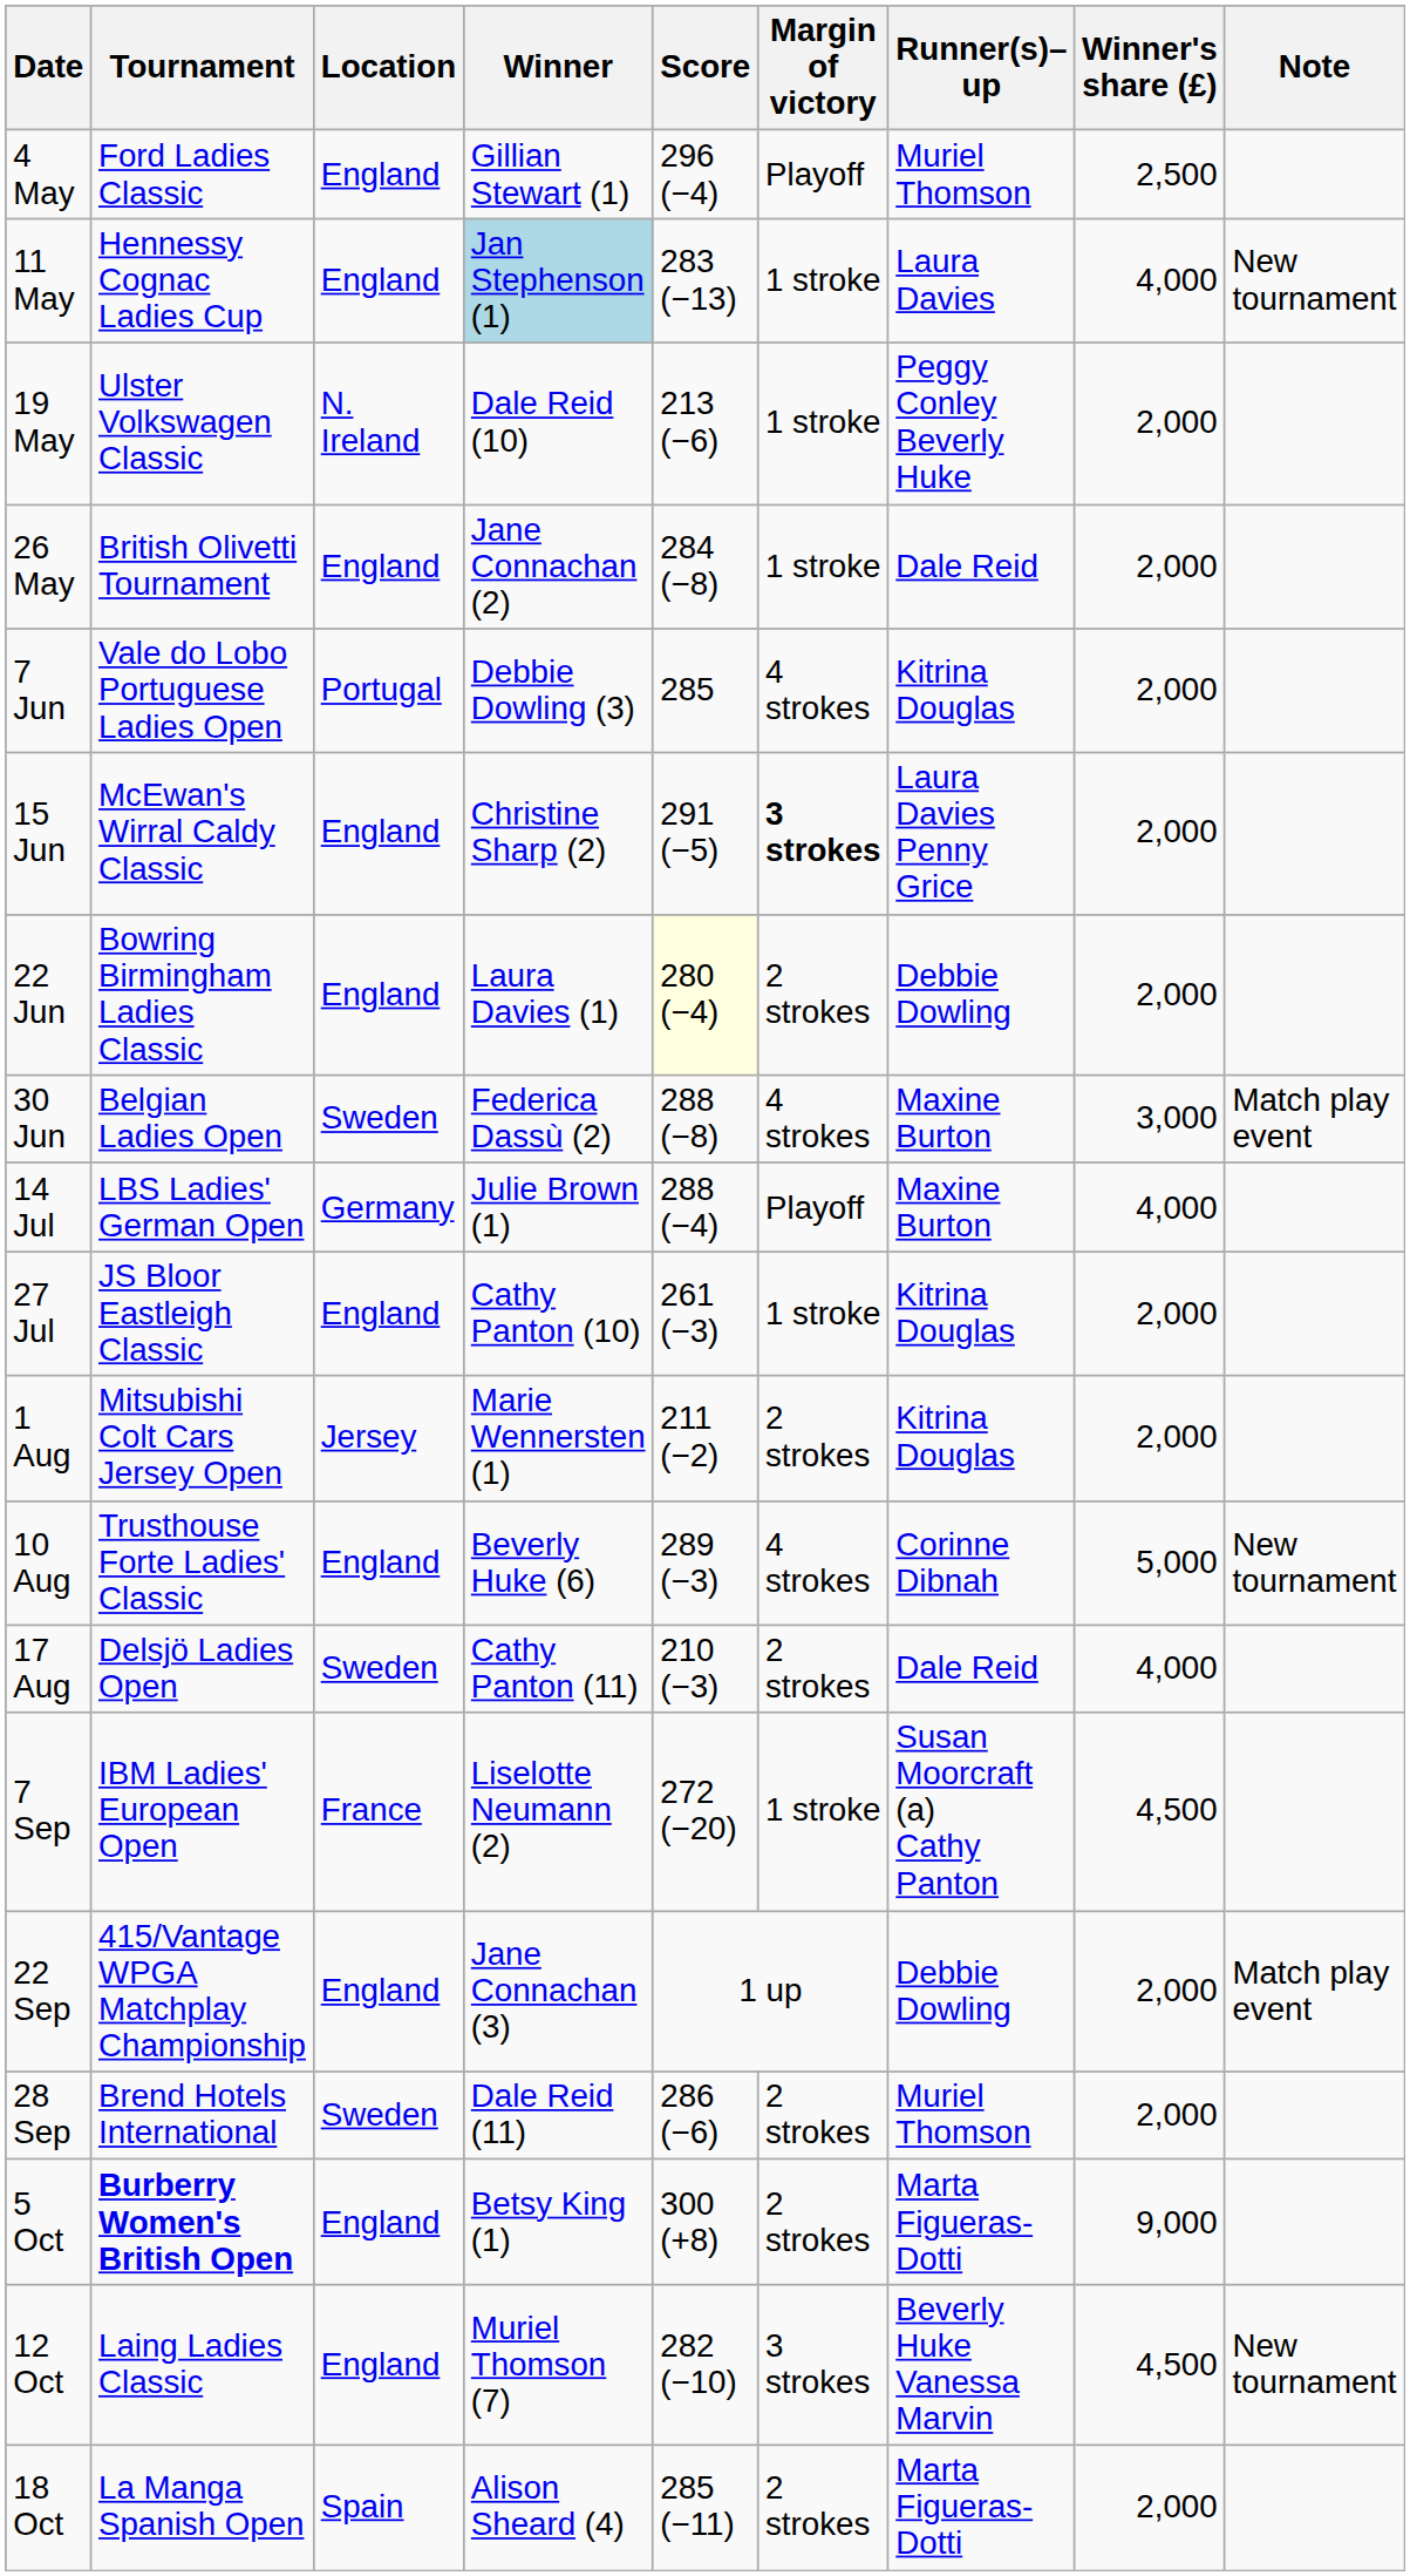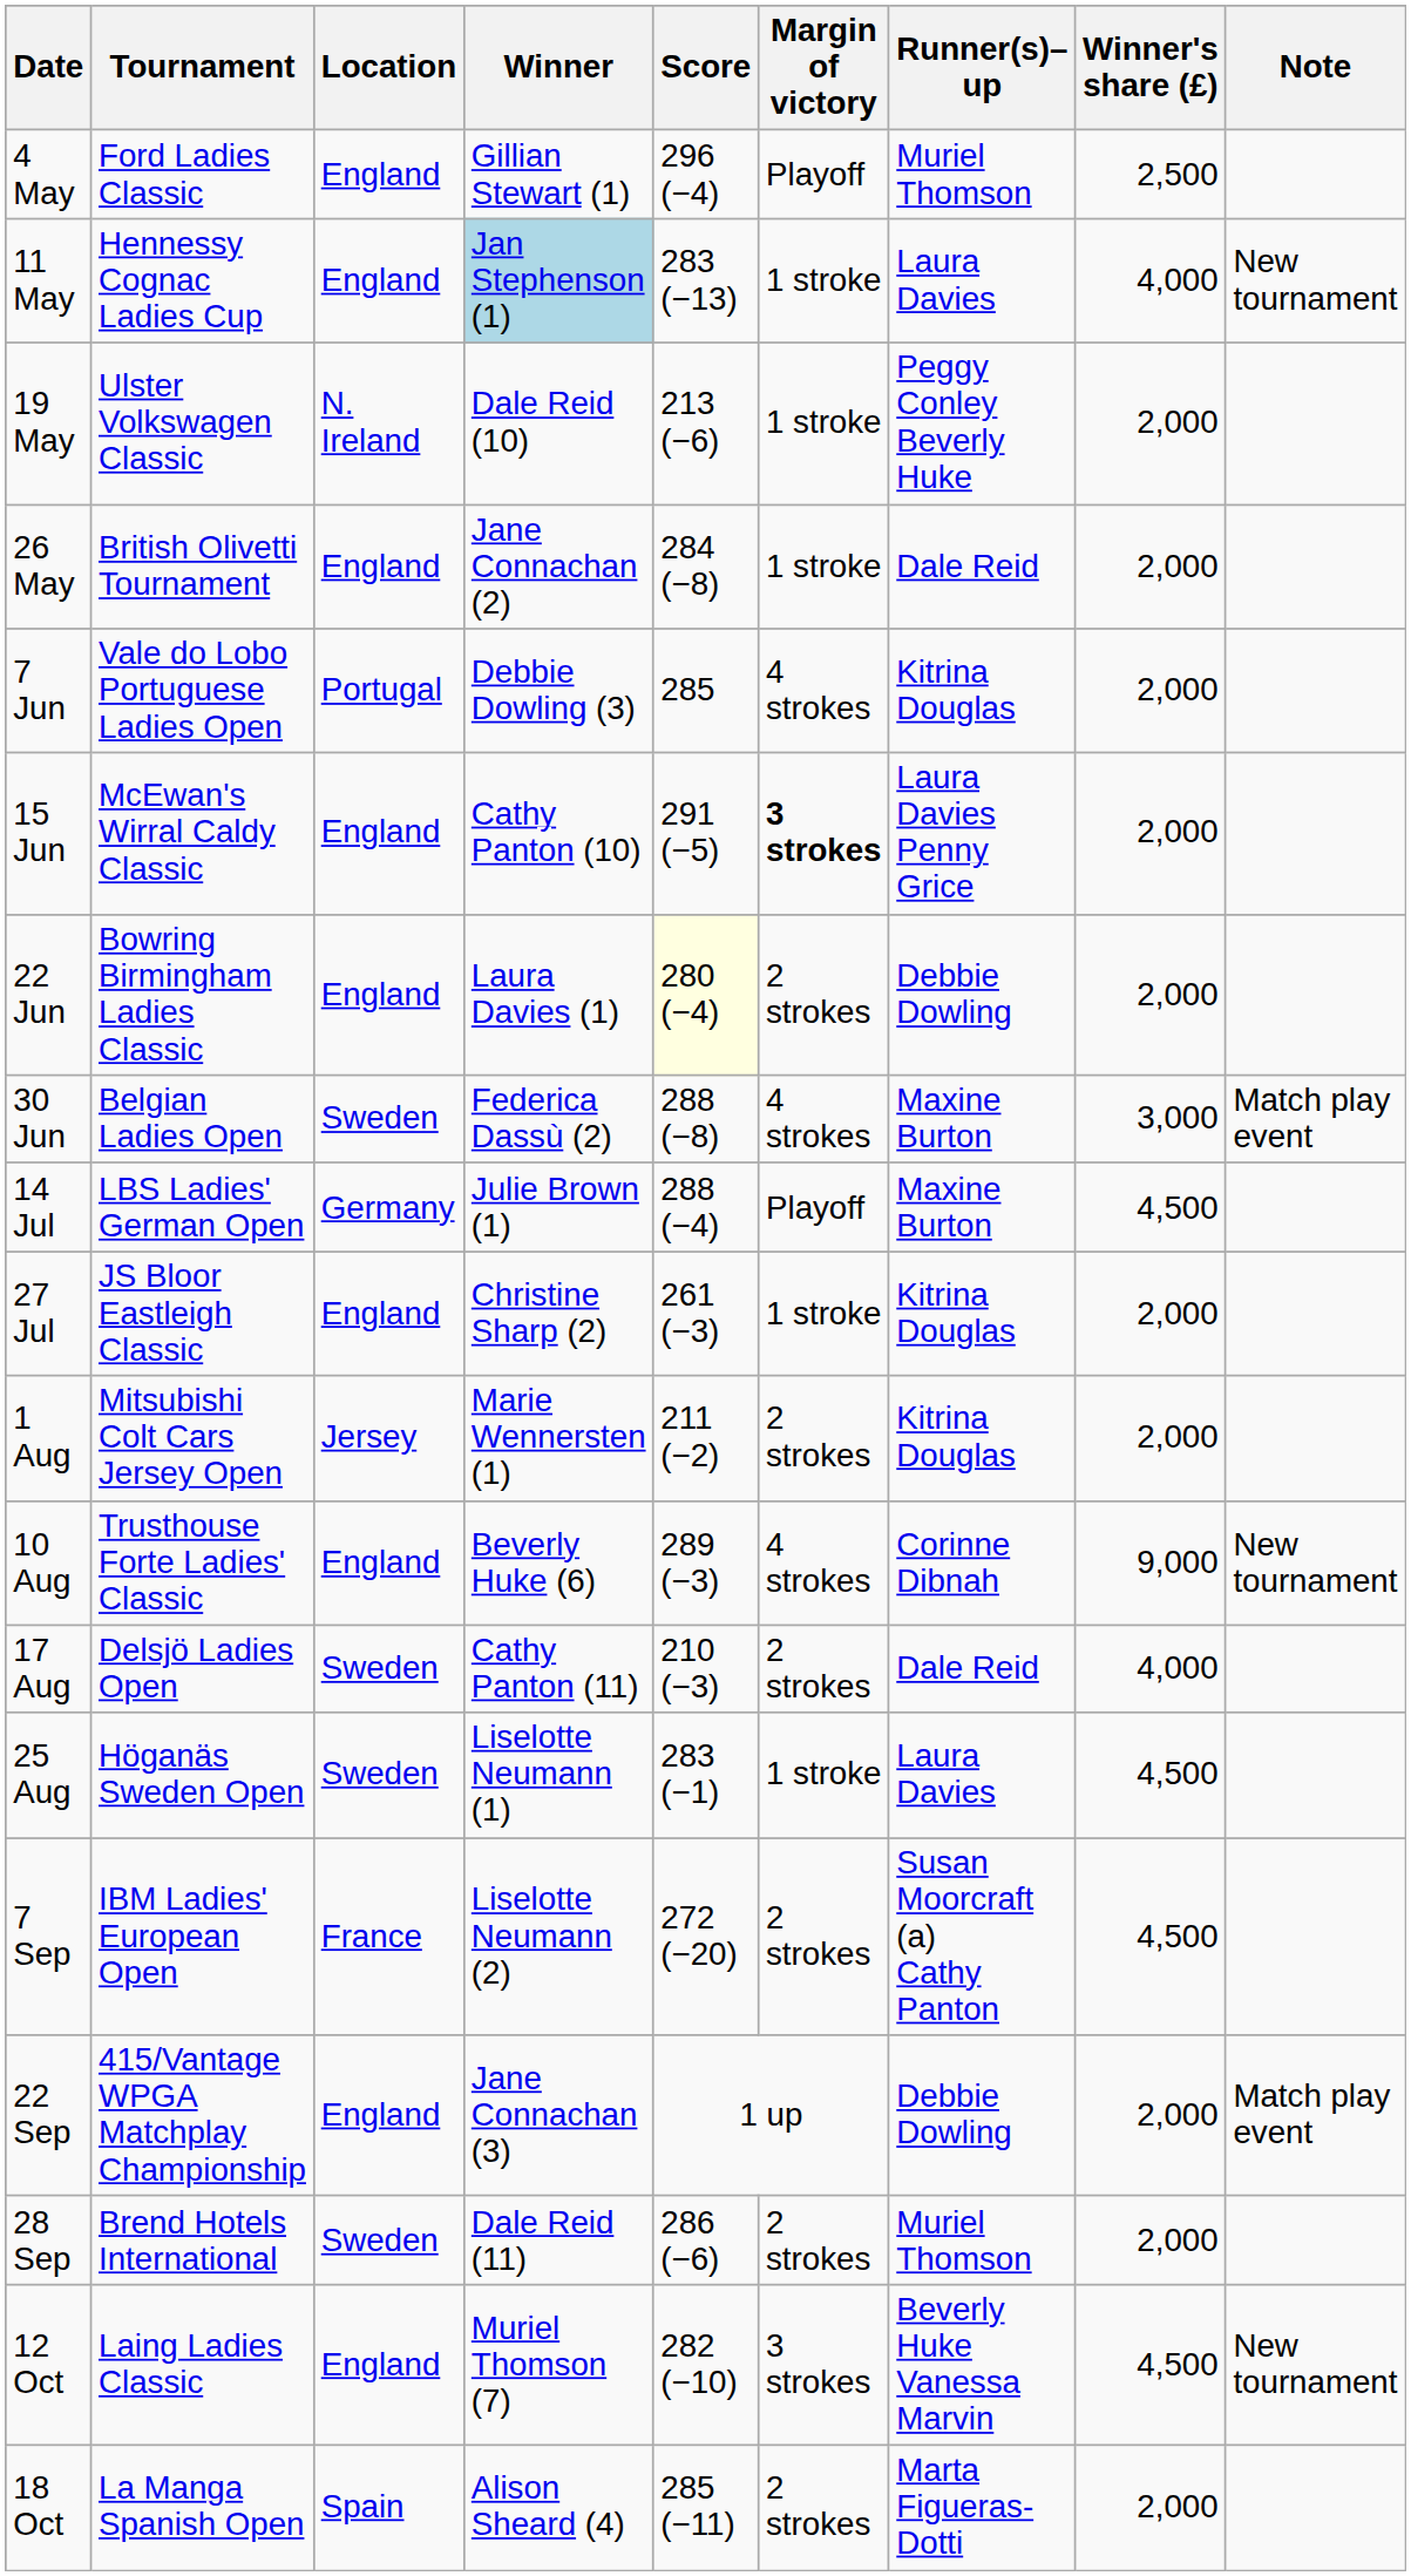 <table class="wikitable sortable" style="font–size:95%">
 <tr>
 <th>Date</th>
 <th>Tournament</th>
 <th>Location</th>
 <th>Winner</th>
 <th>Score</th>
 <th>Margin of<br>victory</th>
 <th>Runner(s)–up</th>
 <th>Winner's<br>share (£)</th>
 <th>Note</th>
 </tr>
 <tr>
 <td>4 May</td>
 <td><a href='#'>Ford Ladies Classic</a></td>
 <td><a href='#'>England</a></td>
 <td> <a href='#'>Gillian Stewart</a> (1)</td>
 <td>296 (−4)</td>
 <td>Playoff</td>
 <td> <a href='#'>Muriel Thomson</a></td>
 <td align=right>2,500</td>
 <td></td>
 </tr>
 <tr>
 <td>11 May</td>
 <td><a href='#'>Hennessy Cognac Ladies Cup</a></td>
 <td><a href='#'>England</a></td>
 <td style="background: lightblue;"> <a href='#'>Jan Stephenson</a> (1)</td>
 <td>283 (−13)</td>
 <td>1 stroke</td>
 <td> <a href='#'>Laura Davies</a></td>
 <td align=right>4,000</td>
 <td>New tournament </td>
 </tr>
 <tr>
 <td>19 May</td>
 <td><a href='#'>Ulster Volkswagen Classic</a></td>
 <td><a href='#'>N. Ireland</a></td>
 <td> <a href='#'>Dale Reid</a> (10)</td>
 <td>213 (−6)</td>
 <td>1 stroke</td>
 <td> <a href='#'>Peggy Conley</a><br> <a href='#'>Beverly Huke</a></td>
 <td align=right>2,000</td>
 <td></td>
 </tr>
 <tr>
 <td>26 May</td>
 <td><a href='#'>British Olivetti Tournament</a></td>
 <td><a href='#'>England</a></td>
 <td> <a href='#'>Jane Connachan</a> (2)</td>
 <td>284 (−8)</td>
 <td>1 stroke</td>
 <td> <a href='#'>Dale Reid</a></td>
 <td align=right>2,000</td>
 <td></td>
 </tr>
 <tr>
 <td>7 Jun</td>
 <td><a href='#'>Vale do Lobo Portuguese Ladies Open</a></td>
 <td><a href='#'>Portugal</a></td>
 <td> <a href='#'>Debbie Dowling</a> (3)</td>
 <td>285</td>
 <td>4 strokes</td>
 <td> <a href='#'>Kitrina Douglas</a></td>
 <td align=right>2,000</td>
 <td></td>
 </tr>
 <tr>
 <td>15 Jun</td>
 <td><a href='#'>McEwan's Wirral Caldy Classic</a></td>
 <td><a href='#'>England</a></td>
-<td> <a href='#'>Christine Sharp</a> (2)</td>
+<td> <a href='#'>Cathy Panton</a> (10)</td>
 <td>291 (−5)</td>
 <td><strong>3 strokes</strong></td>
 <td> <a href='#'>Laura Davies</a><br> <a href='#'>Penny Grice</a></td>
 <td align=right>2,000</td>
 <td></td>
 </tr>
 <tr>
 <td>22 Jun</td>
 <td><a href='#'>Bowring Birmingham Ladies Classic</a></td>
 <td><a href='#'>England</a></td>
 <td> <a href='#'>Laura Davies</a> (1)</td>
 <td style="background: lightyellow;">280 (−4)</td>
 <td>2 strokes</td>
 <td> <a href='#'>Debbie Dowling</a></td>
 <td align=right>2,000</td>
 <td></td>
 </tr>
 <tr>
 <td>30 Jun</td>
 <td><a href='#'>Belgian Ladies Open</a></td>
 <td><a href='#'>Sweden</a></td>
 <td> <a href='#'>Federica Dassù</a> (2)</td>
 <td>288 (−8)</td>
 <td>4 strokes</td>
 <td> <a href='#'>Maxine Burton</a></td>
 <td align=right>3,000</td>
 <td>Match play event </td>
 </tr>
 <tr>
 <td>14 Jul</td>
 <td><a href='#'>LBS Ladies' German Open</a></td>
 <td><a href='#'>Germany</a></td>
 <td> <a href='#'>Julie Brown</a> (1)</td>
 <td>288 (−4)</td>
 <td>Playoff</td>
 <td> <a href='#'>Maxine Burton</a></td>
-<td align=right>4,000</td>
+<td align=right>4,500</td>
 <td></td>
 </tr>
 <tr>
 <td>27 Jul</td>
 <td><a href='#'>JS Bloor Eastleigh Classic</a></td>
 <td><a href='#'>England</a></td>
-<td> <a href='#'>Cathy Panton</a> (10)</td>
+<td> <a href='#'>Christine Sharp</a> (2)</td>
 <td>261 (−3)</td>
 <td>1 stroke</td>
 <td> <a href='#'>Kitrina Douglas</a></td>
 <td align=right>2,000</td>
 <td></td>
 </tr>
 <tr>
 <td>1 Aug</td>
 <td><a href='#'>Mitsubishi Colt Cars Jersey Open</a></td>
 <td><a href='#'>Jersey</a></td>
 <td> <a href='#'>Marie Wennersten</a> (1)</td>
 <td>211 (−2)</td>
 <td>2 strokes</td>
 <td> <a href='#'>Kitrina Douglas</a></td>
 <td align=right>2,000</td>
 <td></td>
 </tr>
 <tr>
 <td>10 Aug</td>
 <td><a href='#'>Trusthouse Forte Ladies' Classic</a></td>
 <td><a href='#'>England</a></td>
 <td> <a href='#'>Beverly Huke</a> (6)</td>
 <td>289 (−3)</td>
 <td>4 strokes</td>
 <td> <a href='#'>Corinne Dibnah</a></td>
-<td align=right>5,000</td>
+<td align=right>9,000</td>
 <td>New tournament </td>
 </tr>
 <tr>
 <td>17 Aug</td>
 <td><a href='#'>Delsjö Ladies Open</a></td>
 <td><a href='#'>Sweden</a></td>
 <td> <a href='#'>Cathy Panton</a> (11)</td>
 <td>210 (−3)</td>
 <td>2 strokes</td>
 <td> <a href='#'>Dale Reid</a></td>
 <td align=right>4,000</td>
 <td></td>
 </tr>
 <tr>
+<td>25 Aug</td>
+<td><a href='#'>Höganäs Sweden Open</a></td>
+<td><a href='#'>Sweden</a></td>
+<td> <a href='#'>Liselotte Neumann</a> (1)</td>
+<td>283 (−1)</td>
+<td>1 stroke</td>
+<td> <a href='#'>Laura Davies</a></td>
+<td align=right>4,500</td>
+<td></td>
+</tr>
+<tr>
 <td>7 Sep</td>
 <td><a href='#'>IBM Ladies' European Open</a></td>
 <td><a href='#'>France</a></td>
 <td> <a href='#'>Liselotte Neumann</a> (2)</td>
 <td>272 (−20)</td>
-<td>1 stroke</td>
+<td>2 strokes</td>
 <td> <a href='#'>Susan Moorcraft</a> (a)<br> <a href='#'>Cathy Panton</a></td>
 <td align=right>4,500</td>
 <td></td>
 </tr>
 <tr>
 <td>22 Sep</td>
 <td><a href='#'>415/Vantage WPGA Matchplay Championship</a></td>
 <td><a href='#'>England</a></td>
 <td> <a href='#'>Jane Connachan</a> (3)</td>
 <td colspan=2 align=center>1 up</td>
 <td> <a href='#'>Debbie Dowling</a></td>
 <td align=right>2,000</td>
 <td>Match play event </td>
 </tr>
 <tr>
 <td>28 Sep</td>
 <td><a href='#'>Brend Hotels International</a></td>
 <td><a href='#'>Sweden</a></td>
 <td> <a href='#'>Dale Reid</a> (11)</td>
 <td>286 (−6)</td>
 <td>2 strokes</td>
 <td> <a href='#'>Muriel Thomson</a></td>
 <td align=right>2,000</td>
 <td></td>
 </tr>
 <tr>
-<td>5 Oct</td>
-<td><strong><a href='#'>Burberry Women's British Open</a></strong></td>
-<td><a href='#'>England</a></td>
-<td> <a href='#'>Betsy King</a> (1)</td>
-<td>300 (+8)</td>
-<td>2 strokes</td>
-<td> <a href='#'>Marta Figueras-Dotti</a></td>
-<td align=right>9,000</td>
-<td></td>
-</tr>
-<tr>
 <td>12 Oct</td>
 <td><a href='#'>Laing Ladies Classic</a></td>
 <td><a href='#'>England</a></td>
 <td> <a href='#'>Muriel Thomson</a> (7)</td>
 <td>282 (−10)</td>
 <td>3 strokes</td>
 <td> <a href='#'>Beverly Huke</a><br> <a href='#'>Vanessa Marvin</a></td>
 <td align=right>4,500</td>
 <td>New tournament </td>
 </tr>
 <tr>
 <td>18 Oct</td>
 <td><a href='#'>La Manga Spanish Open</a></td>
 <td><a href='#'>Spain</a></td>
 <td> <a href='#'>Alison Sheard</a> (4)</td>
 <td>285 (−11)</td>
 <td>2 strokes</td>
 <td> <a href='#'>Marta Figueras-Dotti</a></td>
 <td align=right>2,000</td>
 <td></td>
 </tr>
 </table>
